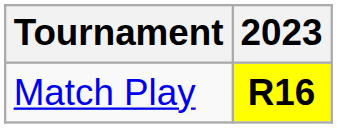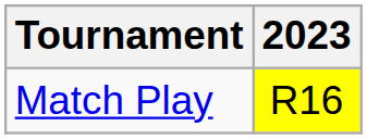 <table class="wikitable" style="text-align:center;">
 <tr>
 <th>Tournament</th>
 <th>2023</th>
 </tr>
 <tr>
 <td align="left"><a href='#'>Match Play</a></td>
-<td style="background:yellow;"><strong>R16</strong></td>
+<td style="background:yellow;">R16</td>
 </tr>
 </table>
